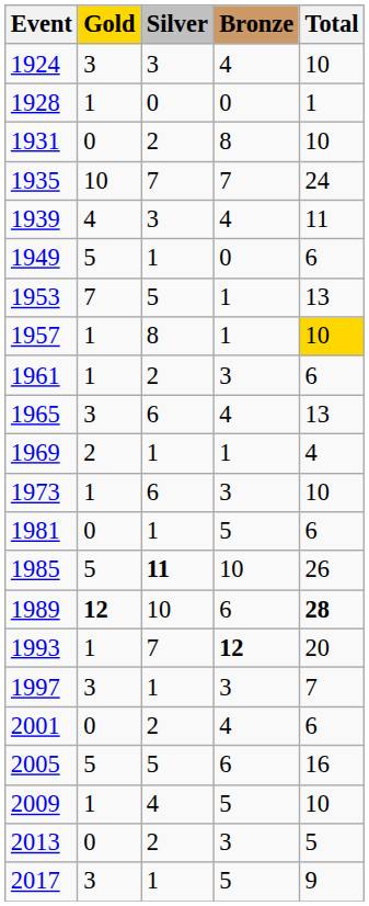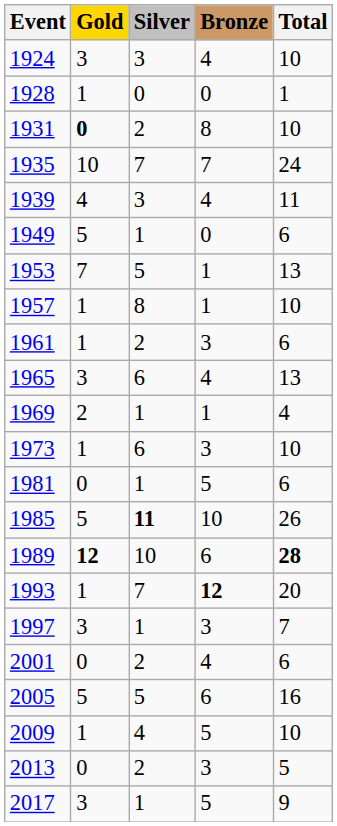 <table class="wikitable">
 <tr>
 <th>Event</th>
 <td style="background:gold; font-weight:bold;">Gold</td>
 <td style="background:silver; font-weight:bold;">Silver</td>
 <td style="background:#c96; font-weight:bold;">Bronze</td>
 <th>Total</th>
 </tr>
 <tr>
 <td><a href='#'>1924</a></td>
 <td>3</td>
 <td>3</td>
 <td>4</td>
 <td>10</td>
 </tr>
 <tr>
 <td><a href='#'>1928</a></td>
 <td>1</td>
 <td>0</td>
 <td>0</td>
 <td>1</td>
 </tr>
 <tr>
 <td><a href='#'>1931</a></td>
-<td>0</td>
+<td><strong>0</strong></td>
 <td>2</td>
 <td>8</td>
 <td>10</td>
 </tr>
 <tr>
 <td><a href='#'>1935</a></td>
 <td>10</td>
 <td>7</td>
 <td>7</td>
 <td>24</td>
 </tr>
 <tr>
 <td><a href='#'>1939</a></td>
 <td>4</td>
 <td>3</td>
 <td>4</td>
 <td>11</td>
 </tr>
 <tr>
 <td><a href='#'>1949</a></td>
 <td>5</td>
 <td>1</td>
 <td>0</td>
 <td>6</td>
 </tr>
 <tr>
 <td><a href='#'>1953</a></td>
 <td>7</td>
 <td>5</td>
 <td>1</td>
 <td>13</td>
 </tr>
 <tr>
 <td><a href='#'>1957</a></td>
 <td>1</td>
 <td>8</td>
 <td>1</td>
-<td style="background: gold;">10</td>
+<td>10</td>
 </tr>
 <tr>
 <td><a href='#'>1961</a></td>
 <td>1</td>
 <td>2</td>
 <td>3</td>
 <td>6</td>
 </tr>
 <tr>
 <td><a href='#'>1965</a></td>
 <td>3</td>
 <td>6</td>
 <td>4</td>
 <td>13</td>
 </tr>
 <tr>
 <td><a href='#'>1969</a></td>
 <td>2</td>
 <td>1</td>
 <td>1</td>
 <td>4</td>
 </tr>
 <tr>
 <td><a href='#'>1973</a></td>
 <td>1</td>
 <td>6</td>
 <td>3</td>
 <td>10</td>
 </tr>
 <tr>
 <td><a href='#'>1981</a></td>
 <td>0</td>
 <td>1</td>
 <td>5</td>
 <td>6</td>
 </tr>
 <tr>
 <td><a href='#'>1985</a></td>
 <td>5</td>
 <td><strong>11</strong></td>
 <td>10</td>
 <td>26</td>
 </tr>
 <tr>
 <td><a href='#'>1989</a></td>
 <td><strong>12</strong></td>
 <td>10</td>
 <td>6</td>
 <td><strong>28</strong></td>
 </tr>
 <tr>
 <td><a href='#'>1993</a></td>
 <td>1</td>
 <td>7</td>
 <td><strong>12</strong></td>
 <td>20</td>
 </tr>
 <tr>
 <td><a href='#'>1997</a></td>
 <td>3</td>
 <td>1</td>
 <td>3</td>
 <td>7</td>
 </tr>
 <tr>
 <td><a href='#'>2001</a></td>
 <td>0</td>
 <td>2</td>
 <td>4</td>
 <td>6</td>
 </tr>
 <tr>
 <td><a href='#'>2005</a></td>
 <td>5</td>
 <td>5</td>
 <td>6</td>
 <td>16</td>
 </tr>
 <tr>
 <td><a href='#'>2009</a></td>
 <td>1</td>
 <td>4</td>
 <td>5</td>
 <td>10</td>
 </tr>
 <tr>
 <td><a href='#'>2013</a></td>
 <td>0</td>
 <td>2</td>
 <td>3</td>
 <td>5</td>
 </tr>
 <tr>
 <td><a href='#'>2017</a></td>
 <td>3</td>
 <td>1</td>
 <td>5</td>
 <td>9</td>
 </tr>
 <tr>
 </tr>
 </table>
